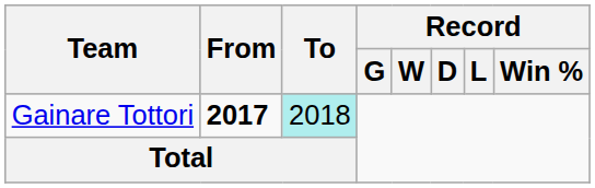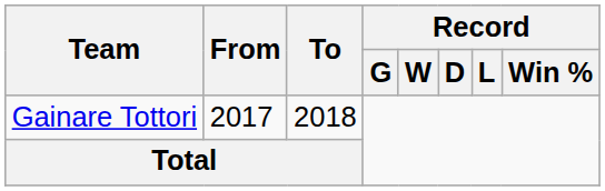 <table class="wikitable" style="text-align: center">
 <tr>
 <th rowspan="2">Team</th>
 <th rowspan="2">From</th>
 <th rowspan="2">To</th>
 <th colspan="5">Record</th>
 </tr>
 <tr>
 <th>G</th>
 <th>W</th>
 <th>D</th>
 <th>L</th>
 <th>Win %</th>
 </tr>
 <tr>
 <td align="left"><a href='#'>Gainare Tottori</a></td>
-<td align="left"><strong>2017</strong></td>
-<td align="left" style="background: paleturquoise;">2018<br></td>
+<td align="left">2017</td>
+<td align="left">2018<br></td>
 </tr>
 <tr>
 <th colspan="3">Total<br></th>
 </tr>
 </table>
